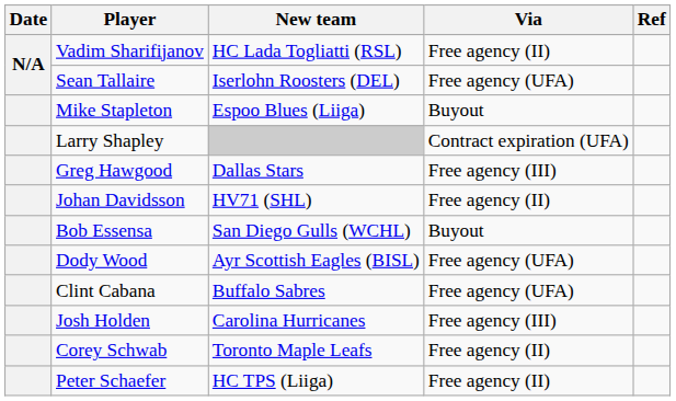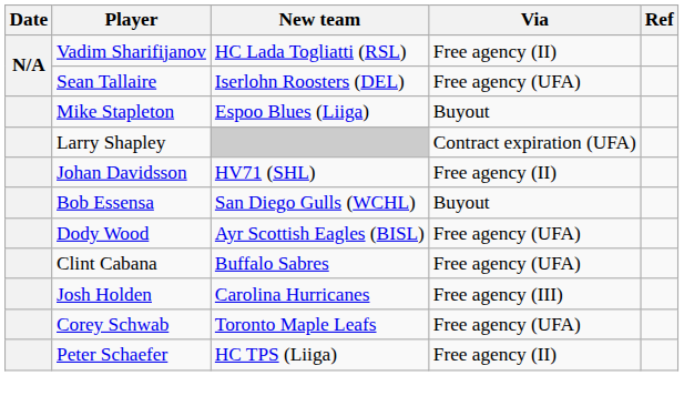 <table class="wikitable plainrowheaders">
 <tr style="background:#ddd; text-align:center;">
 <th>Date</th>
 <th>Player</th>
 <th>New team</th>
 <th>Via</th>
 <th>Ref</th>
 </tr>
 <tr>
 <th scope="row" rowspan=2>N/A</th>
 <td><a href='#'>Vadim Sharifijanov</a></td>
 <td><a href='#'>HC Lada Togliatti</a> (<a href='#'>RSL</a>)</td>
 <td>Free agency (II)</td>
 <td></td>
 </tr>
 <tr>
 <td><a href='#'>Sean Tallaire</a></td>
 <td><a href='#'>Iserlohn Roosters</a> (<a href='#'>DEL</a>)</td>
 <td>Free agency (UFA)</td>
 <td></td>
 </tr>
 <tr>
 <th scope="row"></th>
 <td><a href='#'>Mike Stapleton</a></td>
 <td><a href='#'>Espoo Blues</a> (<a href='#'>Liiga</a>)</td>
 <td>Buyout</td>
 <td></td>
 </tr>
 <tr>
 <th scope="row"></th>
 <td>Larry Shapley</td>
 <td style="background:#ccc"></td>
 <td>Contract expiration (UFA)</td>
-<td></td>
-</tr>
-<tr>
-<th scope="row"></th>
-<td><a href='#'>Greg Hawgood</a></td>
-<td><a href='#'>Dallas Stars</a></td>
-<td>Free agency (III)</td>
 <td></td>
 </tr>
 <tr>
 <th scope="row"></th>
 <td><a href='#'>Johan Davidsson</a></td>
 <td><a href='#'>HV71</a> (<a href='#'>SHL</a>)</td>
 <td>Free agency (II)</td>
 <td></td>
 </tr>
 <tr>
 <th scope="row"></th>
 <td><a href='#'>Bob Essensa</a></td>
 <td><a href='#'>San Diego Gulls</a> (<a href='#'>WCHL</a>)</td>
 <td>Buyout</td>
 <td></td>
 </tr>
 <tr>
 <th scope="row"></th>
 <td><a href='#'>Dody Wood</a></td>
 <td><a href='#'>Ayr Scottish Eagles</a> (<a href='#'>BISL</a>)</td>
 <td>Free agency (UFA)</td>
 <td></td>
 </tr>
 <tr>
 <th scope="row"></th>
 <td>Clint Cabana</td>
 <td><a href='#'>Buffalo Sabres</a></td>
 <td>Free agency (UFA)</td>
 <td></td>
 </tr>
 <tr>
 <th scope="row"></th>
 <td><a href='#'>Josh Holden</a></td>
 <td><a href='#'>Carolina Hurricanes</a></td>
 <td>Free agency (III)</td>
 <td></td>
 </tr>
 <tr>
 <th scope="row"></th>
 <td><a href='#'>Corey Schwab</a></td>
 <td><a href='#'>Toronto Maple Leafs</a></td>
-<td>Free agency (II)</td>
+<td>Free agency (UFA)</td>
 <td></td>
 </tr>
 <tr>
 <th scope="row"></th>
 <td><a href='#'>Peter Schaefer</a></td>
 <td><a href='#'>HC TPS</a> (Liiga)</td>
 <td>Free agency (II)</td>
 <td></td>
 </tr>
 </table>
